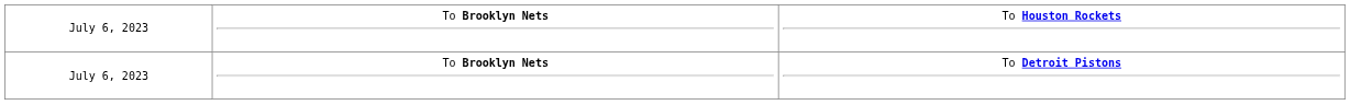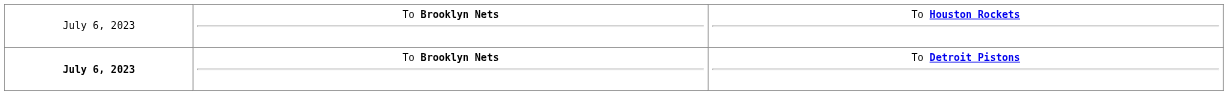 <table border="1" style="border-collapse:collapse; text-align:center; width:100%;"  cellpadding="5">
 <tr>
 <td style="width:11%;">July 6, 2023</td>
 <td style="width:30%; vertical-align:top;">To <strong>Brooklyn Nets</strong><hr><br></td>
 <td style="width:30%; vertical-align:top;">To <strong><a href='#'>Houston Rockets</a></strong><hr><br></td>
 </tr>
 <tr>
-<td style="width:11%;">July 6, 2023</td>
+<td style="width:11%;"><strong>July 6, 2023</strong></td>
 <td style="width:30%; vertical-align:top;">To <strong>Brooklyn Nets</strong><hr><br></td>
 <td style="width:30%; vertical-align:top;">To <strong><a href='#'>Detroit Pistons</a></strong><hr><br></td>
 </tr>
 </table>
